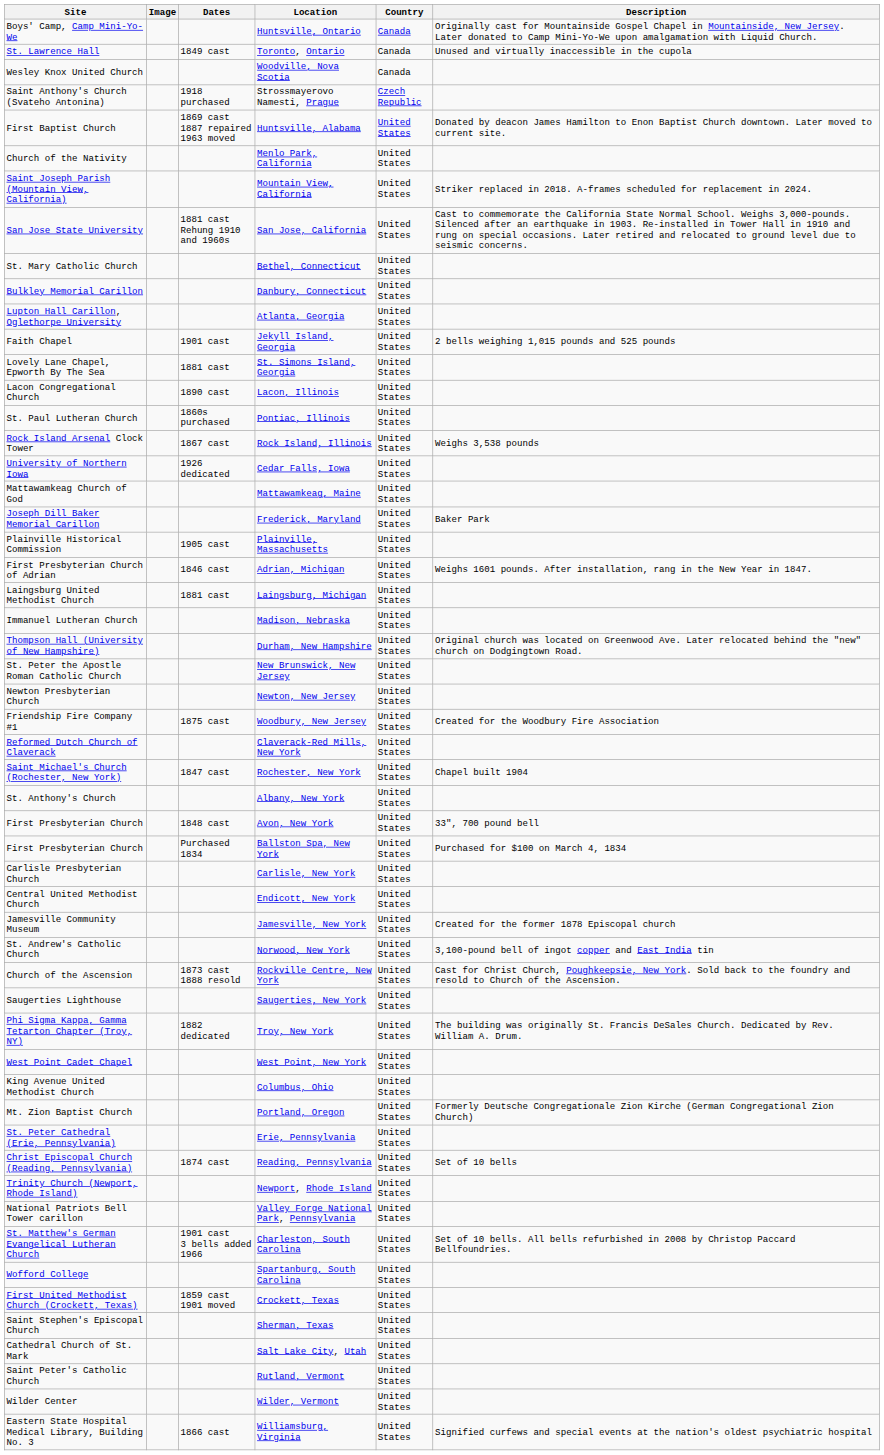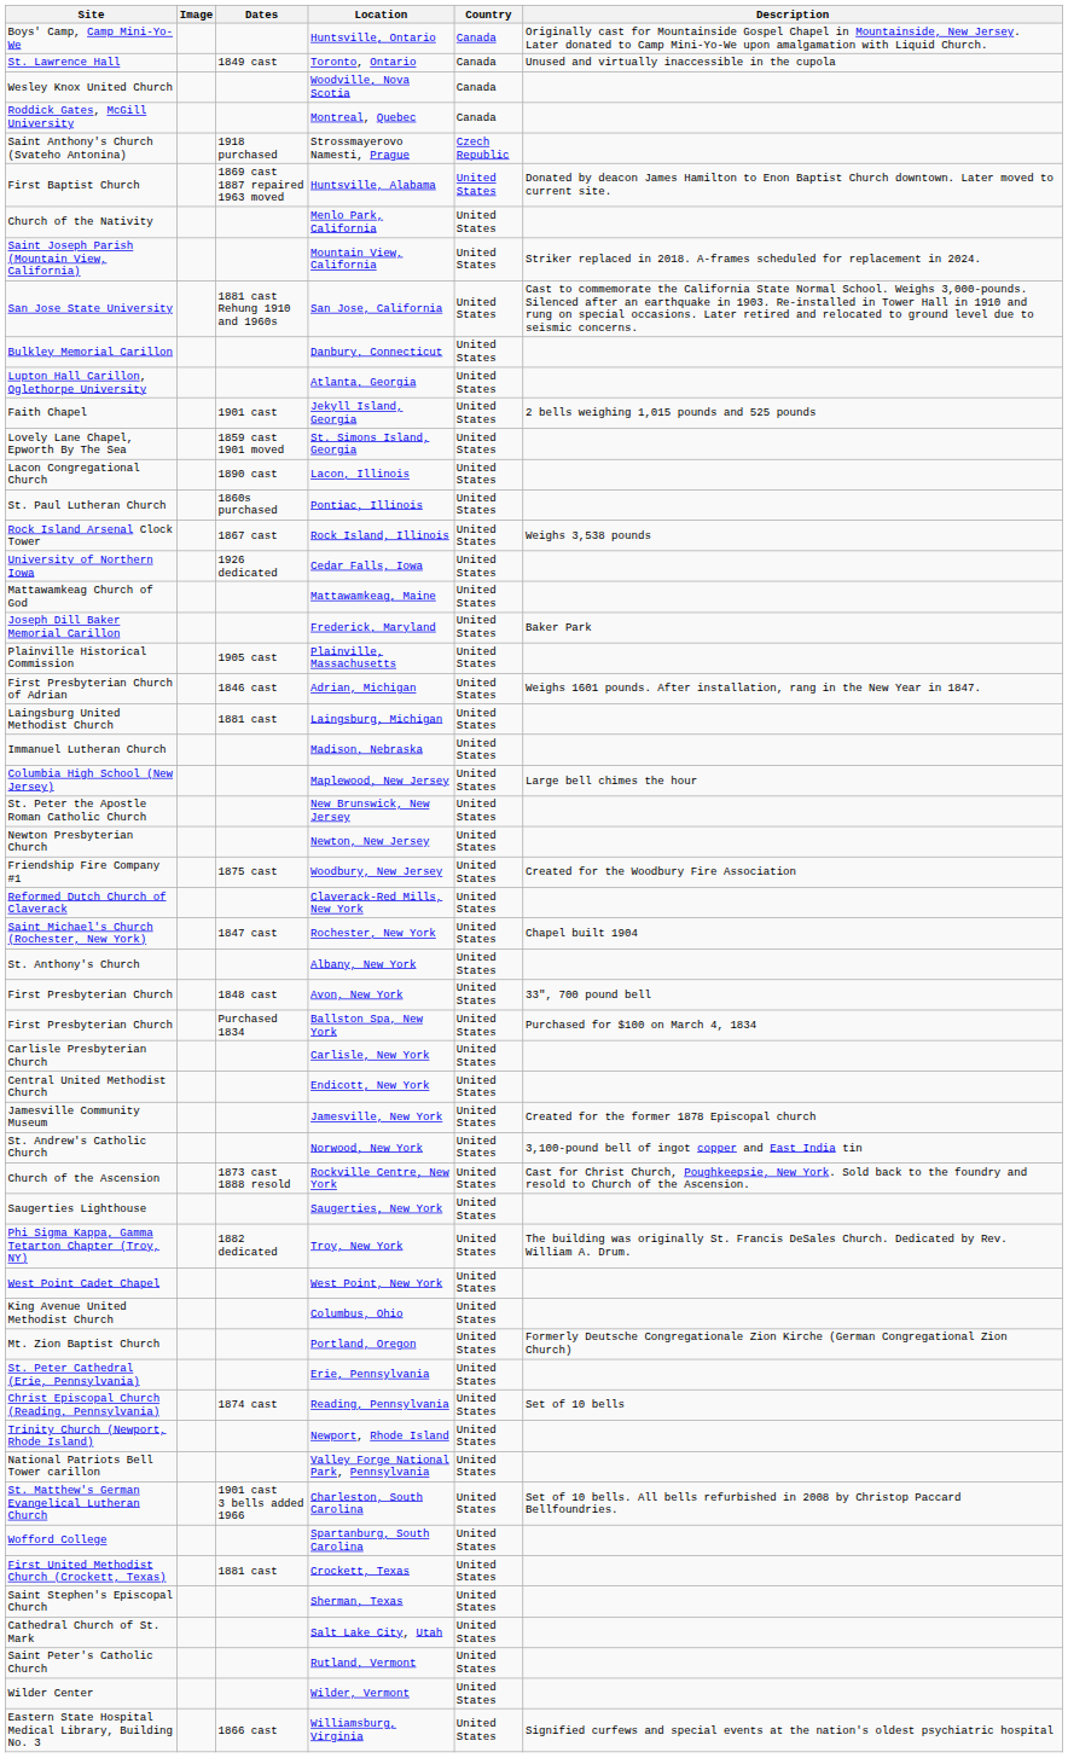 <table class="wikitable sortable">
 <tr>
 <th>Site</th>
 <th class="unsortable" !>Image</th>
 <th>Dates</th>
 <th>Location</th>
 <th>Country</th>
 <th class="unsortable" !>Description</th>
 </tr>
 <tr>
 <td>Boys' Camp, <a href='#'>Camp Mini-Yo-We</a></td>
 <td></td>
 <td></td>
 <td><a href='#'>Huntsville, Ontario</a></td>
 <td><a href='#'>Canada</a></td>
 <td>Originally cast for Mountainside Gospel Chapel in <a href='#'>Mountainside, New Jersey</a>. Later donated to Camp Mini-Yo-We upon amalgamation with Liquid Church.</td>
 </tr>
 <tr>
 <td><a href='#'>St. Lawrence Hall</a></td>
 <td></td>
 <td>1849 cast</td>
 <td><a href='#'>Toronto</a>, <a href='#'>Ontario</a></td>
 <td>Canada</td>
 <td>Unused and virtually inaccessible in the cupola</td>
 </tr>
 <tr>
 <td>Wesley Knox United Church</td>
 <td></td>
 <td></td>
 <td><a href='#'>Woodville, Nova Scotia</a></td>
+<td>Canada</td>
+<td></td>
+</tr>
+<tr>
+<td><a href='#'>Roddick Gates</a>, <a href='#'>McGill University</a></td>
+<td></td>
+<td></td>
+<td><a href='#'>Montreal</a>, <a href='#'>Quebec</a></td>
 <td>Canada</td>
 <td></td>
 </tr>
 <tr>
 <td>Saint Anthony's Church (Svateho Antonina)</td>
 <td></td>
 <td>1918 purchased</td>
 <td>Strossmayerovo Namesti, <a href='#'>Prague</a></td>
 <td><a href='#'>Czech Republic</a></td>
 <td></td>
 </tr>
 <tr>
 <td>First Baptist Church</td>
 <td></td>
 <td>1869 cast<br>1887 repaired 1963 moved</td>
 <td><a href='#'>Huntsville, Alabama</a></td>
 <td><a href='#'>United States</a></td>
 <td>Donated by deacon James Hamilton to Enon Baptist Church downtown. Later moved to current site.</td>
 </tr>
 <tr>
 <td>Church of the Nativity</td>
 <td></td>
 <td></td>
 <td><a href='#'>Menlo Park, California</a></td>
 <td>United States</td>
 <td></td>
 </tr>
 <tr>
 <td><a href='#'>Saint Joseph Parish (Mountain View, California)</a></td>
 <td></td>
 <td></td>
 <td><a href='#'>Mountain View, California</a></td>
 <td>United States</td>
 <td>Striker replaced in 2018. A-frames scheduled for replacement in 2024.</td>
 </tr>
 <tr>
 <td><a href='#'>San Jose State University</a></td>
 <td></td>
 <td>1881 cast<br>Rehung 1910 and 1960s</td>
 <td><a href='#'>San Jose, California</a></td>
 <td>United States</td>
 <td>Cast to commemorate the California State Normal School. Weighs 3,000-pounds. Silenced after an earthquake in 1903. Re-installed in Tower Hall in 1910 and rung on special occasions. Later retired and relocated to ground level due to seismic concerns.</td>
 </tr>
 <tr>
-<td>St. Mary Catholic Church</td>
-<td></td>
-<td></td>
-<td><a href='#'>Bethel, Connecticut</a></td>
-<td>United States</td>
-<td></td>
-</tr>
-<tr>
 <td><a href='#'>Bulkley Memorial Carillon</a></td>
 <td></td>
 <td></td>
 <td><a href='#'>Danbury, Connecticut</a></td>
 <td>United States</td>
 <td></td>
 </tr>
 <tr>
 <td><a href='#'>Lupton Hall Carillon</a>, <a href='#'>Oglethorpe University</a></td>
 <td></td>
 <td></td>
 <td><a href='#'>Atlanta, Georgia</a></td>
 <td>United States</td>
 <td></td>
 </tr>
 <tr>
 <td>Faith Chapel</td>
 <td></td>
 <td>1901 cast</td>
 <td><a href='#'>Jekyll Island, Georgia</a></td>
 <td>United States</td>
 <td>2 bells weighing 1,015 pounds and 525 pounds</td>
 </tr>
 <tr>
 <td>Lovely Lane Chapel, Epworth By The Sea</td>
 <td></td>
-<td>1881 cast</td>
+<td>1859 cast<br>1901 moved</td>
 <td><a href='#'>St. Simons Island, Georgia</a></td>
 <td>United States</td>
 <td></td>
 </tr>
 <tr>
 <td>Lacon Congregational Church</td>
 <td></td>
 <td>1890 cast</td>
 <td><a href='#'>Lacon, Illinois</a></td>
 <td>United States</td>
 <td></td>
 </tr>
 <tr>
 <td>St. Paul Lutheran Church</td>
 <td></td>
 <td>1860s purchased</td>
 <td><a href='#'>Pontiac, Illinois</a></td>
 <td>United States</td>
 <td></td>
 </tr>
 <tr>
 <td><a href='#'>Rock Island Arsenal</a> Clock Tower</td>
 <td></td>
 <td>1867 cast</td>
 <td><a href='#'>Rock Island, Illinois</a></td>
 <td>United States</td>
 <td>Weighs 3,538 pounds</td>
 </tr>
 <tr>
 <td><a href='#'>University of Northern Iowa</a></td>
 <td></td>
 <td>1926 dedicated</td>
 <td><a href='#'>Cedar Falls, Iowa</a></td>
 <td>United States</td>
 <td></td>
 </tr>
 <tr>
 <td>Mattawamkeag Church of God</td>
 <td></td>
 <td></td>
 <td><a href='#'>Mattawamkeag, Maine</a></td>
 <td>United States</td>
 <td></td>
 </tr>
 <tr>
 <td><a href='#'>Joseph Dill Baker Memorial Carillon</a></td>
 <td></td>
 <td></td>
 <td><a href='#'>Frederick, Maryland</a></td>
 <td>United States</td>
 <td>Baker Park</td>
 </tr>
 <tr>
 <td>Plainville Historical Commission</td>
 <td></td>
 <td>1905 cast</td>
 <td><a href='#'>Plainville, Massachusetts</a></td>
 <td>United States</td>
 <td></td>
 </tr>
 <tr>
 <td>First Presbyterian Church of Adrian</td>
 <td></td>
 <td>1846 cast</td>
 <td><a href='#'>Adrian, Michigan</a></td>
 <td>United States</td>
 <td>Weighs 1601 pounds. After installation, rang in the New Year in 1847.</td>
 </tr>
 <tr>
 <td>Laingsburg United Methodist Church</td>
 <td></td>
 <td>1881 cast</td>
 <td><a href='#'>Laingsburg, Michigan</a></td>
 <td>United States</td>
 <td></td>
 </tr>
 <tr>
 <td>Immanuel Lutheran Church</td>
 <td></td>
 <td></td>
 <td><a href='#'>Madison, Nebraska</a></td>
 <td>United States</td>
 <td></td>
 </tr>
 <tr>
-<td><a href='#'>Thompson Hall (University of New Hampshire)</a></td>
+<td><a href='#'>Columbia High School (New Jersey)</a></td>
 <td></td>
 <td></td>
-<td><a href='#'>Durham, New Hampshire</a></td>
+<td><a href='#'>Maplewood, New Jersey</a></td>
 <td>United States</td>
-<td>Original church was located on Greenwood Ave. Later relocated behind the "new" church on Dodgingtown Road.</td>
+<td>Large bell chimes the hour</td>
 </tr>
 <tr>
 <td>St. Peter the Apostle Roman Catholic Church</td>
 <td></td>
 <td></td>
 <td><a href='#'>New Brunswick, New Jersey</a></td>
 <td>United States</td>
 <td></td>
 </tr>
 <tr>
 <td>Newton Presbyterian Church</td>
 <td></td>
 <td></td>
 <td><a href='#'>Newton, New Jersey</a></td>
 <td>United States</td>
 <td></td>
 </tr>
 <tr>
 <td>Friendship Fire Company #1</td>
 <td></td>
 <td>1875 cast</td>
 <td><a href='#'>Woodbury, New Jersey</a></td>
 <td>United States</td>
 <td>Created for the Woodbury Fire Association</td>
 </tr>
 <tr>
 <td><a href='#'>Reformed Dutch Church of Claverack</a></td>
 <td></td>
 <td></td>
 <td><a href='#'>Claverack-Red Mills, New York</a></td>
 <td>United States</td>
 <td></td>
 </tr>
 <tr>
 <td><a href='#'>Saint Michael's Church (Rochester, New York)</a></td>
 <td></td>
 <td>1847 cast</td>
 <td><a href='#'>Rochester, New York</a></td>
 <td>United States</td>
 <td>Chapel built 1904</td>
 </tr>
 <tr>
 <td>St. Anthony's Church</td>
 <td></td>
 <td></td>
 <td><a href='#'>Albany, New York</a></td>
 <td>United States</td>
 <td></td>
 </tr>
 <tr>
 <td>First Presbyterian Church</td>
 <td></td>
 <td>1848 cast</td>
 <td><a href='#'>Avon, New York</a></td>
 <td>United States</td>
 <td>33", 700 pound bell</td>
 </tr>
 <tr>
 <td>First Presbyterian Church</td>
 <td></td>
 <td>Purchased 1834</td>
 <td><a href='#'>Ballston Spa, New York</a></td>
 <td>United States</td>
 <td>Purchased for $100 on March 4, 1834</td>
 </tr>
 <tr>
 <td>Carlisle Presbyterian Church</td>
 <td></td>
 <td></td>
 <td><a href='#'>Carlisle, New York</a></td>
 <td>United States</td>
 <td></td>
 </tr>
 <tr>
 <td>Central United Methodist Church</td>
 <td></td>
 <td></td>
 <td><a href='#'>Endicott, New York</a></td>
 <td>United States</td>
 <td></td>
 </tr>
 <tr>
 <td>Jamesville Community Museum</td>
 <td></td>
 <td></td>
 <td><a href='#'>Jamesville, New York</a></td>
 <td>United States</td>
 <td>Created for the former 1878 Episcopal church</td>
 </tr>
 <tr>
 <td>St. Andrew's Catholic Church</td>
 <td></td>
 <td></td>
 <td><a href='#'>Norwood, New York</a></td>
 <td>United States</td>
 <td>3,100-pound bell of ingot <a href='#'>copper</a> and <a href='#'>East India</a> tin</td>
 </tr>
 <tr>
 <td>Church of the Ascension</td>
 <td></td>
 <td>1873 cast<br>1888 resold</td>
 <td><a href='#'>Rockville Centre, New York</a></td>
 <td>United States</td>
 <td>Cast for Christ Church, <a href='#'>Poughkeepsie, New York</a>. Sold back to the foundry and resold to Church of the Ascension.</td>
 </tr>
 <tr>
 <td>Saugerties Lighthouse</td>
 <td></td>
 <td></td>
 <td><a href='#'>Saugerties, New York</a></td>
 <td>United States</td>
 <td></td>
 </tr>
 <tr>
 <td><a href='#'>Phi Sigma Kappa, Gamma Tetarton Chapter (Troy, NY)</a></td>
 <td></td>
 <td>1882 dedicated</td>
 <td><a href='#'>Troy, New York</a></td>
 <td>United States</td>
 <td>The building was originally St. Francis DeSales Church. Dedicated by Rev. William A. Drum.</td>
 </tr>
 <tr>
 <td><a href='#'>West Point Cadet Chapel</a></td>
 <td></td>
 <td></td>
 <td><a href='#'>West Point, New York</a></td>
 <td>United States</td>
 <td></td>
 </tr>
 <tr>
 <td>King Avenue United Methodist Church</td>
 <td></td>
 <td></td>
 <td><a href='#'>Columbus, Ohio</a></td>
 <td>United States</td>
 <td></td>
 </tr>
 <tr>
 <td>Mt. Zion Baptist Church</td>
 <td></td>
 <td></td>
 <td><a href='#'>Portland, Oregon</a></td>
 <td>United States</td>
 <td>Formerly Deutsche Congregationale Zion Kirche (German Congregational Zion Church)</td>
 </tr>
 <tr>
 <td><a href='#'>St. Peter Cathedral (Erie, Pennsylvania)</a></td>
 <td></td>
 <td></td>
 <td><a href='#'>Erie, Pennsylvania</a></td>
 <td>United States</td>
 <td></td>
 </tr>
 <tr>
 <td><a href='#'>Christ Episcopal Church (Reading, Pennsylvania)</a></td>
 <td></td>
 <td>1874 cast</td>
 <td><a href='#'>Reading, Pennsylvania</a></td>
 <td>United States</td>
 <td>Set of 10 bells</td>
 </tr>
 <tr>
 <td><a href='#'>Trinity Church (Newport, Rhode Island)</a></td>
 <td></td>
 <td></td>
 <td><a href='#'>Newport</a>, <a href='#'>Rhode Island</a></td>
 <td>United States</td>
 <td></td>
 </tr>
 <tr>
 <td>National Patriots Bell Tower carillon</td>
 <td></td>
 <td></td>
 <td><a href='#'>Valley Forge National Park</a>, <a href='#'>Pennsylvania</a></td>
 <td>United States</td>
 <td></td>
 </tr>
 <tr>
 <td><a href='#'>St. Matthew's German Evangelical Lutheran Church</a></td>
 <td></td>
 <td>1901 cast<br>3 bells added 1966</td>
 <td><a href='#'>Charleston, South Carolina</a></td>
 <td>United States</td>
 <td>Set of 10 bells. All bells refurbished in 2008 by Christop Paccard Bellfoundries.</td>
 </tr>
 <tr>
 <td><a href='#'>Wofford College</a></td>
 <td></td>
 <td></td>
 <td><a href='#'>Spartanburg, South Carolina</a></td>
 <td>United States</td>
 <td></td>
 </tr>
 <tr>
 <td><a href='#'>First United Methodist Church (Crockett, Texas)</a></td>
 <td></td>
-<td>1859 cast<br>1901 moved</td>
+<td>1881 cast</td>
 <td><a href='#'>Crockett, Texas</a></td>
 <td>United States</td>
 <td></td>
 </tr>
 <tr>
 <td>Saint Stephen's Episcopal Church</td>
 <td></td>
 <td></td>
 <td><a href='#'>Sherman, Texas</a></td>
 <td>United States</td>
 <td></td>
 </tr>
 <tr>
 <td>Cathedral Church of St. Mark</td>
 <td></td>
 <td></td>
 <td><a href='#'>Salt Lake City</a>, <a href='#'>Utah</a></td>
 <td>United States</td>
 <td></td>
 </tr>
 <tr>
 <td>Saint Peter's Catholic Church</td>
 <td></td>
 <td></td>
 <td><a href='#'>Rutland, Vermont</a></td>
 <td>United States</td>
 <td></td>
 </tr>
 <tr>
 <td>Wilder Center</td>
 <td></td>
 <td></td>
 <td><a href='#'>Wilder, Vermont</a></td>
 <td>United States</td>
 <td></td>
 </tr>
 <tr>
 <td>Eastern State Hospital Medical Library, Building No. 3</td>
 <td></td>
 <td>1866 cast</td>
 <td><a href='#'>Williamsburg, Virginia</a></td>
 <td>United States</td>
 <td>Signified curfews and special events at the nation's oldest psychiatric hospital</td>
 </tr>
 </table>
